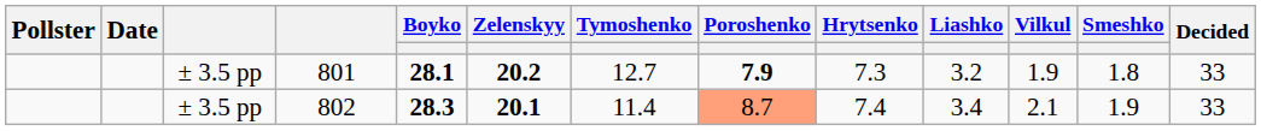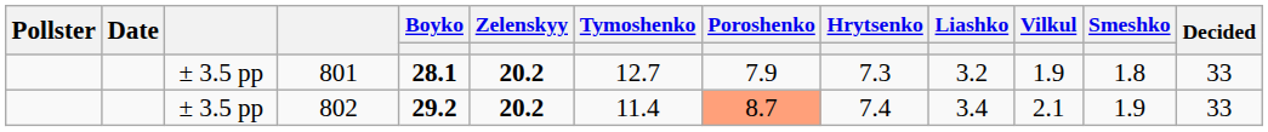 <table class="wikitable" style="text-align:center;font-size:95%;line-height:14px;">
 <tr>
 <th rowspan=2>Pollster</th>
 <th rowspan=2>Date</th>
 <th style="width:60px;" class=unsortable rowspan=2></th>
 <th style="width:65px;" class=unsortable rowspan=2></th>
 <th> <small><a href='#'>Boyko</a></small><br></th>
 <th><small><a href='#'>Zelenskyy</a></small><br></th>
 <th><small><a href='#'>Tymoshenko</a></small><br></th>
 <th> <small><a href='#'>Poroshenko</a></small><br></th>
 <th><small><a href='#'>Hrytsenko</a></small><br></th>
 <th><small><a href='#'>Liashko</a></small><br></th>
 <th><small><a href='#'>Vilkul</a></small><br></th>
 <th><small><a href='#'>Smeshko</a></small><br></th>
 <th rowspan=2><small>Decided</small></th>
 </tr>
 <tr>
 <th style="background:"></th>
 <th style="background:"></th>
 <th style="background:"></th>
 <th style="background:"></th>
 <th style="background:"></th>
 <th style="background:"></th>
 <th style="background:"></th>
 <th style="background:"></th>
 </tr>
 <tr>
 <td> </td>
 <td></td>
 <td>± 3.5 pp</td>
 <td>801</td>
 <td style="background-color:#"><strong>28.1</strong></td>
 <td style="background-color:#"><strong>20.2</strong></td>
 <td>12.7</td>
-<td><strong>7.9</strong></td>
+<td>7.9</td>
 <td>7.3</td>
 <td>3.2</td>
 <td>1.9</td>
 <td>1.8</td>
 <td>33</td>
 </tr>
 <tr>
 <td> </td>
 <td></td>
 <td>± 3.5 pp</td>
 <td>802</td>
-<td style="background-color:#"><strong>28.3</strong></td>
-<td style="background-color:#"><strong>20.1</strong></td>
+<td style="background-color:#"><strong>29.2</strong></td>
+<td style="background-color:#"><strong>20.2</strong></td>
 <td>11.4</td>
 <td style="background: lightsalmon;">8.7</td>
 <td>7.4</td>
 <td>3.4</td>
 <td>2.1</td>
 <td>1.9</td>
 <td>33</td>
 </tr>
 </table>
